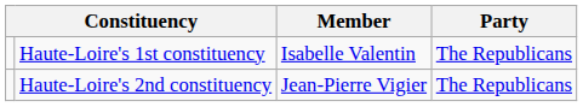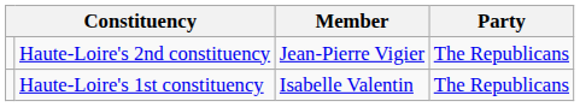 <table class="wikitable">
 <tr>
 <th colspan="2">Constituency</th>
 <th>Member</th>
 <th>Party</th>
 </tr>
 <tr>
 <td style="background-color: "></td>
+<td><a href='#'>Haute-Loire's 2nd constituency</a></td>
+<td><a href='#'>Jean-Pierre Vigier</a></td>
+<td><a href='#'>The Republicans</a></td>
+</tr>
+<tr>
+<td style="background-color: "></td>
 <td><a href='#'>Haute-Loire's 1st constituency</a></td>
 <td><a href='#'>Isabelle Valentin</a></td>
 <td><a href='#'>The Republicans</a></td>
 </tr>
-<tr>
-<td style="background-color: "></td>
-<td><a href='#'>Haute-Loire's 2nd constituency</a></td>
-<td><a href='#'>Jean-Pierre Vigier</a></td>
-<td><a href='#'>The Republicans</a></td>
-</tr>
 </table>
